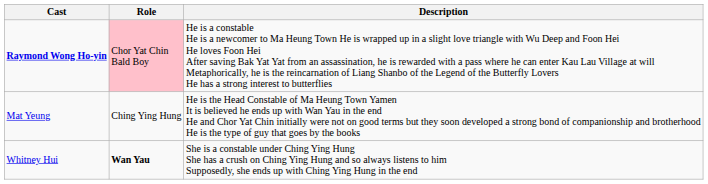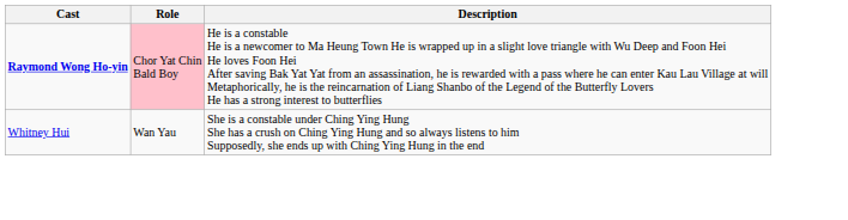 <table class="wikitable sortable">
 <tr>
 <th>Cast</th>
 <th>Role</th>
 <th>Description</th>
 </tr>
 <tr>
 <td><strong><a href='#'>Raymond Wong Ho-yin</a></strong></td>
 <td style="background: pink;">Chor Yat Chin<br>Bald Boy</td>
 <td>He is a constable<br>He is a newcomer to Ma Heung Town He is wrapped up in a slight love triangle with Wu Deep and Foon Hei<br>He loves Foon Hei<br>After saving Bak Yat Yat from an assassination, he is rewarded with a pass where he can enter Kau Lau Village at will<br>Metaphorically, he is the reincarnation of Liang Shanbo of the Legend of the Butterfly Lovers<br>He has a strong interest to butterflies</td>
 </tr>
 <tr>
-<td><a href='#'>Mat Yeung</a></td>
-<td>Ching Ying Hung</td>
-<td>He is the Head Constable of Ma Heung Town Yamen<br>It is believed he ends up with Wan Yau in the end<br>He and Chor Yat Chin initially were not on good terms but they soon developed a strong bond of companionship and brotherhood<br>He is the type of guy that goes by the books</td>
-</tr>
-<tr>
 <td><a href='#'>Whitney Hui</a></td>
-<td><strong>Wan Yau</strong></td>
+<td>Wan Yau</td>
 <td>She is a constable under Ching Ying Hung<br>She has a crush on Ching Ying Hung and so always listens to him<br>Supposedly, she ends up with Ching Ying Hung in the end</td>
 </tr>
 </table>
